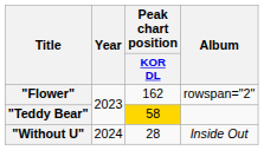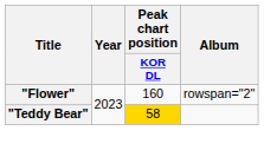 <table class="wikitable plainrowheaders" style="text-align:center">
 <tr>
 <th scope="col" rowspan="2">Title</th>
 <th scope="col" rowspan="2">Year</th>
 <th scope="col">Peak chart position</th>
 <th scope="col" rowspan="2">Album</th>
 </tr>
 <tr>
 <th style="width:3em;font-size:90%"><a href='#'>KOR<br>DL</a><br></th>
 </tr>
 <tr>
 <th scope="row">"Flower"</th>
 <td rowspan="2">2023</td>
-<td>162</td>
+<td>160</td>
 <td>rowspan="2" </td>
 </tr>
 <tr>
 <th scope="row">"Teddy Bear"</th>
 <td style="background: gold;">58</td>
 </tr>
-<tr>
-<th scope="row">"Without U"</th>
-<td>2024</td>
-<td>28</td>
-<td><em>Inside Out</em></td>
-</tr>
 </table>
